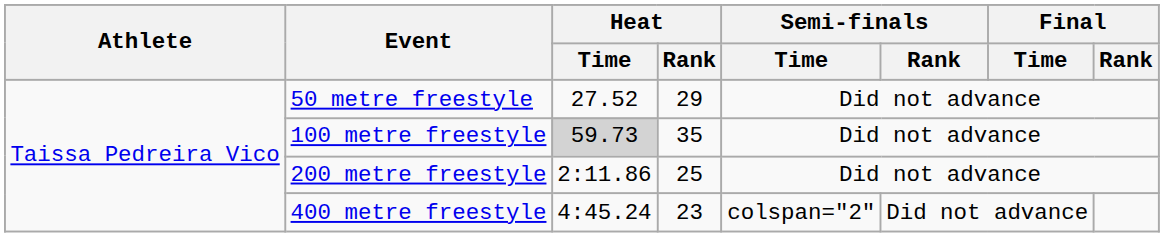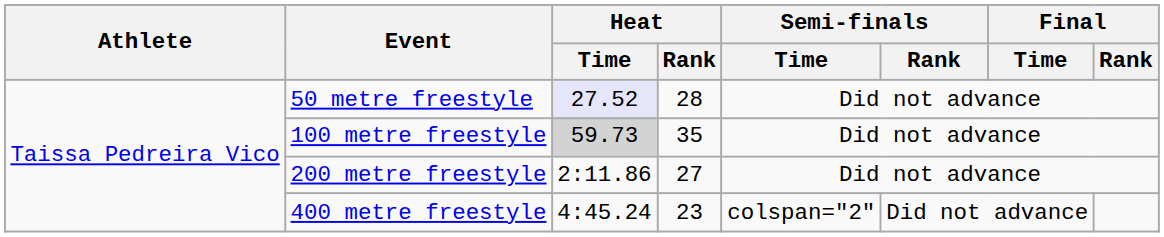 <table class="wikitable" style="font-size:90%; text-align:center">
 <tr>
 <th rowspan="2">Athlete</th>
 <th rowspan="2">Event</th>
 <th colspan="2">Heat</th>
 <th colspan="2">Semi-finals</th>
 <th colspan="2">Final</th>
 </tr>
 <tr>
 <th>Time</th>
 <th>Rank</th>
 <th>Time</th>
 <th>Rank</th>
 <th>Time</th>
 <th>Rank</th>
 </tr>
 <tr>
 <td align="left" rowspan=4><a href='#'>Taissa Pedreira Vico</a></td>
 <td align="left"><a href='#'>50 metre freestyle</a></td>
-<td>27.52</td>
-<td>29</td>
+<td style="background: lavender;">27.52</td>
+<td>28</td>
 <td colspan="4">Did not advance</td>
 </tr>
 <tr>
 <td align="left"><a href='#'>100 metre freestyle</a></td>
 <td style="background: lightgrey;">59.73</td>
 <td>35</td>
 <td colspan="4">Did not advance</td>
 </tr>
 <tr>
 <td align="left"><a href='#'>200 metre freestyle</a></td>
 <td>2:11.86</td>
-<td>25</td>
+<td>27</td>
 <td colspan="4">Did not advance</td>
 </tr>
 <tr>
 <td align="left"><a href='#'>400 metre freestyle</a></td>
 <td>4:45.24</td>
 <td>23</td>
 <td>colspan="2" </td>
 <td colspan="2">Did not advance</td>
 </tr>
 </table>
